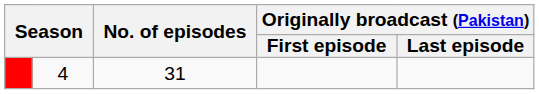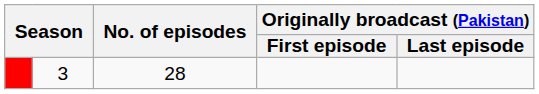 <table class="wikitable" style="text-align:center">
 <tr>
 <th style="padding: 0 8px" colspan="2" rowspan="2">Season</th>
 <th style="padding: 0 8px" rowspan="2">No. of episodes</th>
 <th colspan="2">Originally broadcast <small>(<a href='#'>Pakistan</a>)</small></th>
 </tr>
 <tr>
 <th style="padding: 0 8px">First episode</th>
 <th style="padding: 0 8px">Last episode</th>
 </tr>
 <tr>
 <td style="background:#f00;"></td>
-<td style="text-align:center;">4</td>
-<td style="text-align:center;">31</td>
+<td style="text-align:center;">3</td>
+<td style="text-align:center;">28</td>
 <td style="text-align:center;"></td>
 <td style="text-align:center;"></td>
 </tr>
 </table>
